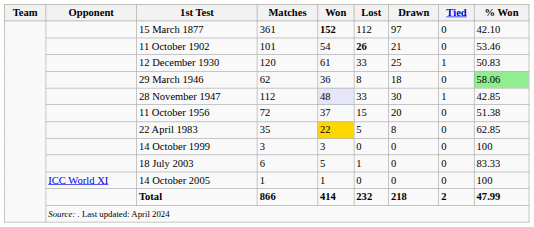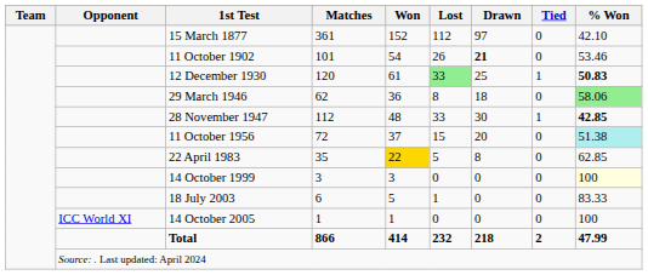 <table class="wikitable" style="width:90%;">
 <tr style="background:#bdb76b;">
 <th>Team</th>
 <th>Opponent</th>
 <th>1st Test</th>
 <th>Matches</th>
 <th>Won</th>
 <th>Lost</th>
 <th>Drawn</th>
 <th><a href='#'>Tied</a></th>
 <th>% Won</th>
 </tr>
 <tr>
 <td rowspan="12" style="text-align:left;"></td>
 <td style="text-align:left;"></td>
 <td>15 March 1877</td>
 <td>361</td>
-<td><strong>152</strong></td>
+<td>152</td>
 <td>112</td>
 <td>97</td>
 <td>0</td>
 <td>42.10</td>
 </tr>
 <tr>
 <td style="text-align:left;"></td>
 <td>11 October 1902</td>
 <td>101</td>
 <td>54</td>
-<td><strong>26</strong></td>
-<td>21</td>
+<td>26</td>
+<td><strong>21</strong></td>
 <td>0</td>
 <td>53.46</td>
 </tr>
 <tr>
 <td style="text-align:left;"></td>
 <td>12 December 1930</td>
 <td>120</td>
 <td>61</td>
-<td>33</td>
+<td style="background: lightgreen;">33</td>
 <td>25</td>
 <td>1</td>
-<td>50.83</td>
+<td><strong>50.83</strong></td>
 </tr>
 <tr>
 <td style="text-align:left;"></td>
 <td>29 March 1946</td>
 <td>62</td>
 <td>36</td>
 <td>8</td>
 <td>18</td>
 <td>0</td>
 <td style="background: lightgreen;">58.06</td>
 </tr>
 <tr>
 <td style="text-align:left;"></td>
 <td>28 November 1947</td>
 <td>112</td>
-<td style="background: lavender;">48</td>
+<td>48</td>
 <td>33</td>
 <td>30</td>
 <td>1</td>
-<td>42.85</td>
+<td><strong>42.85</strong></td>
 </tr>
 <tr>
 <td style="text-align:left;"></td>
 <td>11 October 1956</td>
 <td>72</td>
 <td>37</td>
 <td>15</td>
 <td>20</td>
 <td>0</td>
-<td>51.38</td>
+<td style="background: paleturquoise;">51.38</td>
 </tr>
 <tr>
 <td style="text-align:left;"></td>
 <td>22 April 1983</td>
 <td>35</td>
 <td style="background: gold;">22</td>
 <td>5</td>
 <td>8</td>
 <td>0</td>
 <td>62.85</td>
 </tr>
 <tr>
 <td style="text-align:left;"></td>
 <td>14 October 1999</td>
 <td>3</td>
 <td>3</td>
 <td>0</td>
 <td>0</td>
 <td>0</td>
-<td>100</td>
+<td style="background: lightyellow;">100</td>
 </tr>
 <tr>
 <td style="text-align:left;"></td>
 <td>18 July 2003</td>
 <td>6</td>
 <td>5</td>
 <td>1</td>
 <td>0</td>
 <td>0</td>
 <td>83.33</td>
 </tr>
 <tr>
 <td style="text-align:left;"><a href='#'>ICC World XI</a></td>
 <td>14 October 2005</td>
 <td>1</td>
 <td>1</td>
 <td>0</td>
 <td>0</td>
 <td>0</td>
 <td>100</td>
 </tr>
 <tr>
 <td></td>
 <td><strong>Total</strong></td>
 <td><strong>866</strong></td>
 <td><strong>414</strong></td>
 <td><strong>232</strong></td>
 <td><strong>218</strong></td>
 <td><strong>2</strong></td>
 <td><strong>47.99</strong></td>
 </tr>
 <tr>
 <td colspan="10"><small><em>Source: .</em> Last updated: April 2024</small></td>
 </tr>
 </table>
